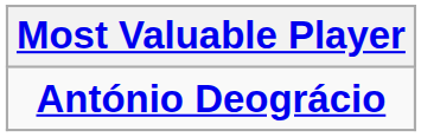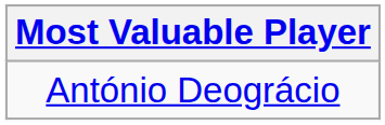 <table class=wikitable style="text-align:center; margin:auto">
 <tr>
 <th><a href='#'>Most Valuable Player</a></th>
 </tr>
 <tr>
-<td><strong> <a href='#'>António Deográcio</a></strong></td>
+<td> <a href='#'>António Deográcio</a></td>
 </tr>
 </table>
